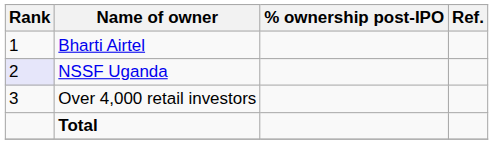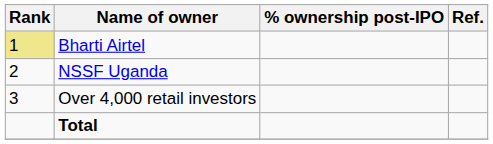 <table class="wikitable sortable" style="margin-left:auto;margin-right:auto">
 <tr>
 <th style="width:2em;">Rank</th>
 <th>Name of owner</th>
 <th>% ownership post-IPO</th>
 <th>Ref.</th>
 </tr>
 <tr>
-<td>1</td>
+<td style="background: khaki;">1</td>
 <td><a href='#'>Bharti Airtel</a></td>
 <td></td>
 <td></td>
 </tr>
 <tr>
-<td style="background: lavender;">2</td>
+<td>2</td>
 <td><a href='#'>NSSF Uganda</a></td>
 <td></td>
 <td></td>
 </tr>
 <tr>
 <td>3</td>
 <td>Over 4,000 retail investors</td>
 <td></td>
 <td></td>
 </tr>
 <tr>
 <td></td>
 <td><strong>Total</strong></td>
 <td></td>
 <td></td>
 </tr>
 <tr>
 </tr>
 </table>
